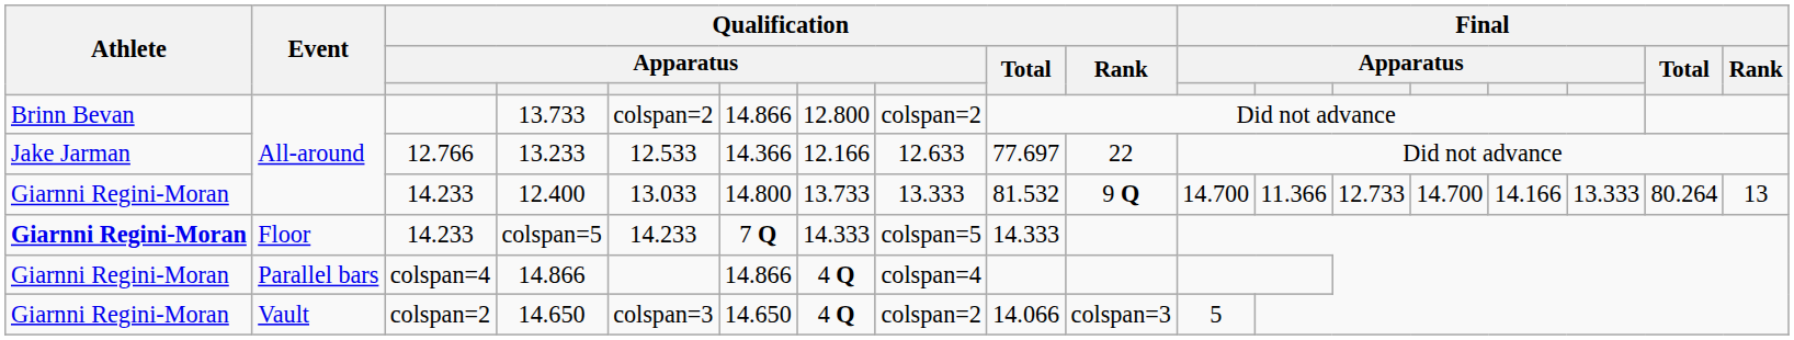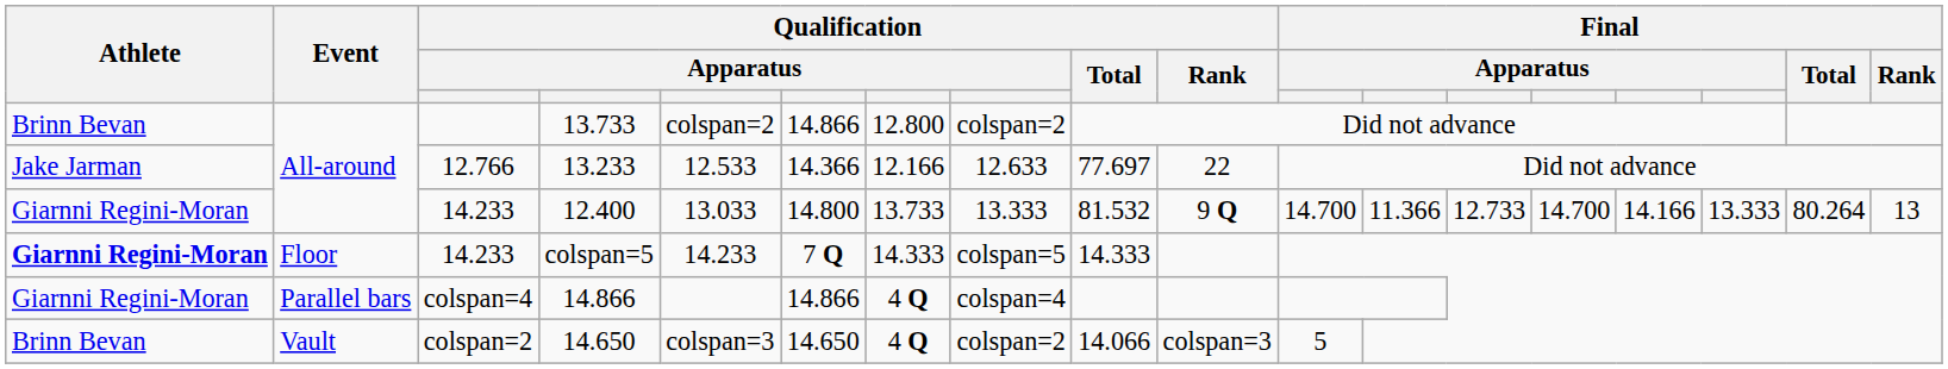 <table class=wikitable style=font-size:90%;text-align:center>
 <tr>
 <th rowspan=3>Athlete</th>
 <th rowspan=3>Event</th>
 <th colspan=8>Qualification</th>
 <th colspan=8>Final</th>
 </tr>
 <tr style=font-size:95%>
 <th colspan=6>Apparatus</th>
 <th rowspan=2>Total</th>
 <th rowspan=2>Rank</th>
 <th colspan=6>Apparatus</th>
 <th rowspan=2>Total</th>
 <th rowspan=2>Rank</th>
 </tr>
 <tr style=font-size:95%>
 <th></th>
 <th></th>
 <th></th>
 <th></th>
 <th></th>
 <th></th>
 <th></th>
 <th></th>
 <th></th>
 <th></th>
 <th></th>
 <th></th>
 </tr>
 <tr>
 <td align=left><a href='#'>Brinn Bevan</a></td>
 <td align=left rowspan=3><a href='#'>All-around</a></td>
 <td></td>
 <td>13.733</td>
 <td>colspan=2 </td>
 <td>14.866</td>
 <td>12.800</td>
 <td>colspan=2 </td>
 <td colspan=8>Did not advance</td>
 </tr>
 <tr>
 <td align=left><a href='#'>Jake Jarman</a></td>
 <td>12.766</td>
 <td>13.233</td>
 <td>12.533</td>
 <td>14.366</td>
 <td>12.166</td>
 <td>12.633</td>
 <td>77.697</td>
 <td>22</td>
 <td colspan=8>Did not advance</td>
 </tr>
 <tr>
 <td align=left><a href='#'>Giarnni Regini-Moran</a></td>
 <td>14.233</td>
 <td>12.400</td>
 <td>13.033</td>
 <td>14.800</td>
 <td>13.733</td>
 <td>13.333</td>
 <td>81.532</td>
 <td>9 <strong>Q</strong></td>
 <td>14.700</td>
 <td>11.366</td>
 <td>12.733</td>
 <td>14.700</td>
 <td>14.166</td>
 <td>13.333</td>
 <td>80.264</td>
 <td>13</td>
 </tr>
 <tr>
 <td align=left><strong><a href='#'>Giarnni Regini-Moran</a></strong></td>
 <td align=left><a href='#'>Floor</a></td>
 <td>14.233</td>
 <td>colspan=5 </td>
 <td>14.233</td>
 <td>7 <strong>Q</strong></td>
 <td>14.333</td>
 <td>colspan=5 </td>
 <td>14.333</td>
 <td></td>
 </tr>
 <tr>
 <td align=left><a href='#'>Giarnni Regini-Moran</a></td>
 <td align=left><a href='#'>Parallel bars</a></td>
 <td>colspan=4 </td>
 <td>14.866</td>
 <td></td>
 <td>14.866</td>
 <td>4 <strong>Q</strong></td>
 <td>colspan=4 </td>
 <td></td>
 <td></td>
 <td colspan=2></td>
 </tr>
 <tr>
-<td align=left><a href='#'>Giarnni Regini-Moran</a></td>
+<td align=left><a href='#'>Brinn Bevan</a></td>
 <td align=left><a href='#'>Vault</a></td>
 <td>colspan=2 </td>
 <td>14.650</td>
 <td>colspan=3 </td>
 <td>14.650</td>
 <td>4 <strong>Q</strong></td>
 <td>colspan=2 </td>
 <td>14.066</td>
 <td>colspan=3 </td>
 <td>5</td>
 </tr>
 </table>
